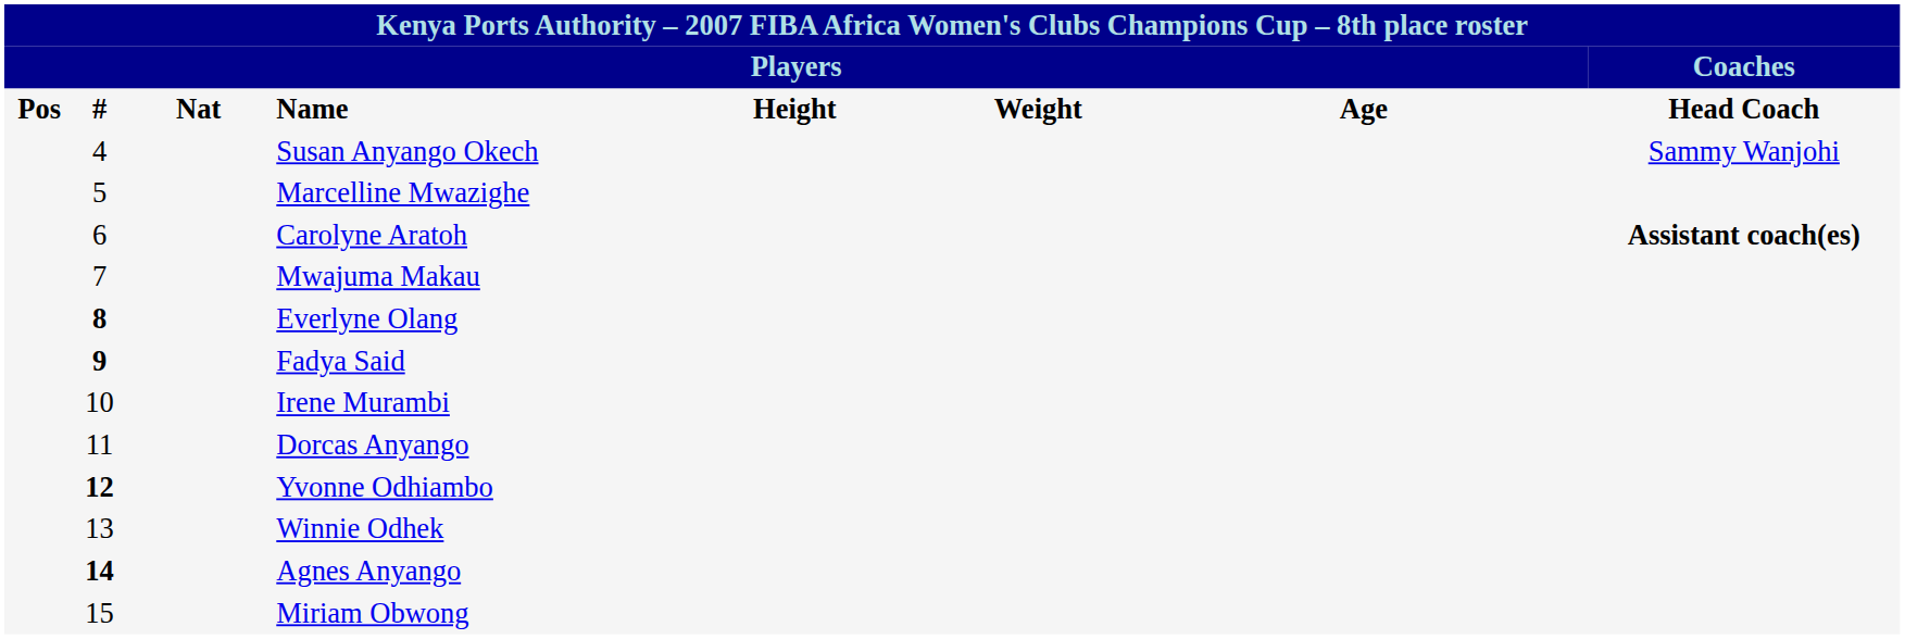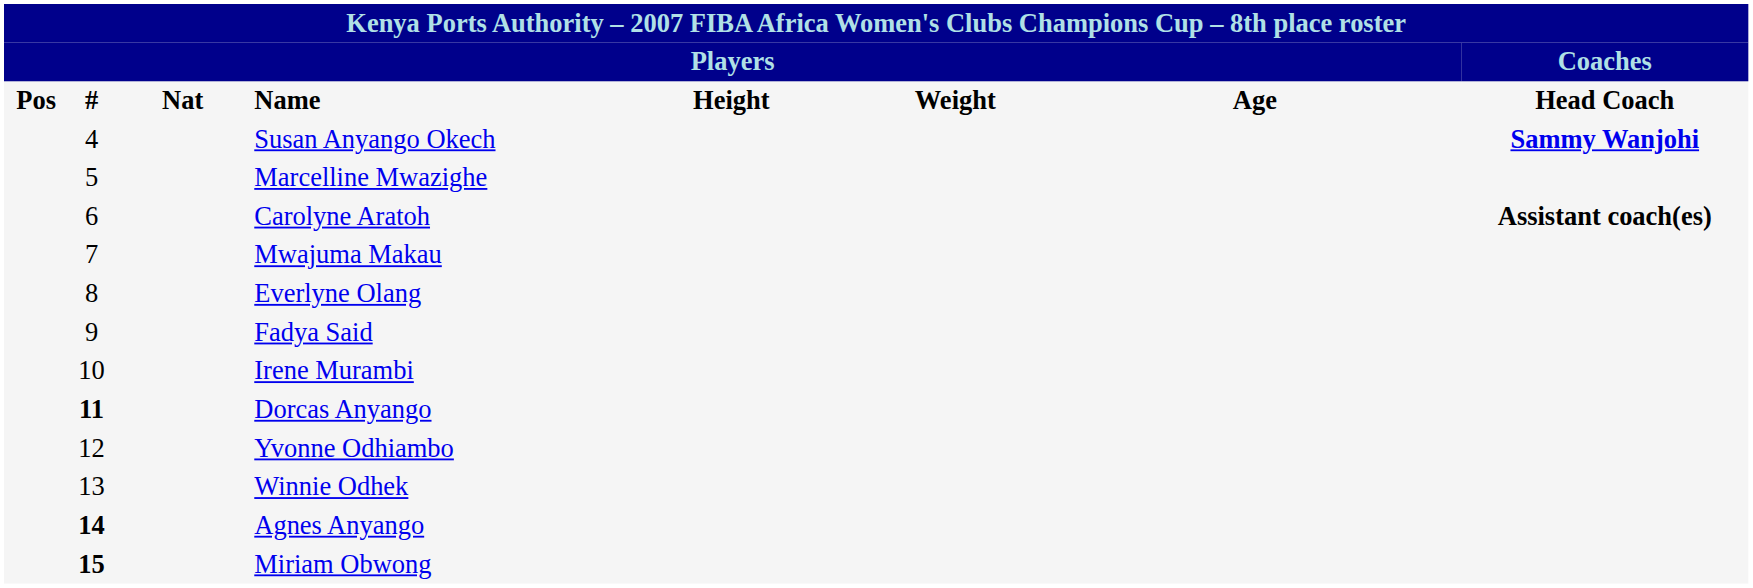 <table border=0 cellpadding=2 cellspacing=0  |- bgcolor=#f5f5f5 style="text-align:center; font-size:90%;" width=75%>
 <tr>
 <td colspan="8" style="background: #00008b; color: #b0e0e6"><strong>Kenya Ports Authority – 2007 FIBA Africa Women's Clubs Champions Cup – 8th place roster</strong></td>
 </tr>
 <tr>
 <td colspan="7" style="background: #00008b; color: #b0e0e6"><strong>Players</strong></td>
 <td style="background: #00008b; color: #b0e0e6"><strong>Coaches</strong></td>
 </tr>
 <tr style="background=#f5f5f5; color: black">
 <th width=5px>Pos</th>
 <th width=5px>#</th>
 <th width=50px>Nat</th>
 <th width=135px align=left>Name</th>
 <th width=100px>Height</th>
 <th width=70px>Weight</th>
 <th width=160px>Age</th>
 <th width=110px>Head Coach</th>
 </tr>
 <tr>
 <td></td>
 <td>4</td>
 <td></td>
 <td align=left><a href='#'>Susan Anyango Okech</a></td>
 <td></td>
 <td></td>
 <td><span></span></td>
-<td> <a href='#'>Sammy Wanjohi</a></td>
+<td><strong> <a href='#'>Sammy Wanjohi</a></strong></td>
 </tr>
 <tr>
 <td></td>
 <td>5</td>
 <td></td>
 <td align=left><a href='#'>Marcelline Mwazighe</a></td>
 <td></td>
 <td></td>
 <td><span></span></td>
 </tr>
 <tr>
 <td></td>
 <td>6</td>
 <td></td>
 <td align=left><a href='#'>Carolyne Aratoh</a></td>
 <td></td>
 <td></td>
 <td><span></span></td>
 <td><strong>Assistant coach(es)</strong></td>
 </tr>
 <tr>
 <td></td>
 <td>7</td>
 <td></td>
 <td align=left><a href='#'>Mwajuma Makau</a></td>
 <td></td>
 <td></td>
 <td><span></span></td>
 <td></td>
 </tr>
 <tr>
 <td></td>
-<td><strong>8</strong></td>
+<td>8</td>
 <td></td>
 <td align=left><a href='#'>Everlyne Olang</a></td>
 <td></td>
 <td></td>
 <td><span></span></td>
 <td></td>
 </tr>
 <tr>
 <td></td>
-<td><strong>9</strong></td>
+<td>9</td>
 <td></td>
 <td align=left><a href='#'>Fadya Said</a></td>
 <td></td>
 <td></td>
 <td><span></span></td>
 </tr>
 <tr>
 <td></td>
 <td>10</td>
 <td></td>
 <td align=left><a href='#'>Irene Murambi</a></td>
 <td></td>
 <td></td>
 <td><span></span></td>
 </tr>
 <tr>
 <td></td>
-<td>11</td>
+<td><strong>11</strong></td>
 <td></td>
 <td align=left><a href='#'>Dorcas Anyango</a></td>
 <td></td>
 <td></td>
 <td><span></span></td>
 </tr>
 <tr>
 <td></td>
-<td><strong>12</strong></td>
+<td>12</td>
 <td></td>
 <td align=left><a href='#'>Yvonne Odhiambo</a></td>
 <td></td>
 <td></td>
 <td><span></span></td>
 </tr>
 <tr>
 <td></td>
 <td>13</td>
 <td></td>
 <td align=left><a href='#'>Winnie Odhek</a></td>
 <td></td>
 <td></td>
 <td><span></span></td>
 </tr>
 <tr>
 <td></td>
 <td><strong>14</strong></td>
 <td></td>
 <td align=left><a href='#'>Agnes Anyango</a></td>
 <td></td>
 <td></td>
 <td><span></span></td>
 </tr>
 <tr>
 <td></td>
-<td>15</td>
+<td><strong>15</strong></td>
 <td></td>
 <td align=left><a href='#'>Miriam Obwong</a></td>
 <td></td>
 <td></td>
 <td><span></span></td>
 </tr>
 </table>
